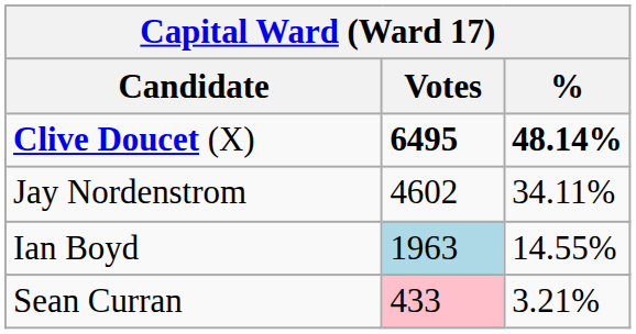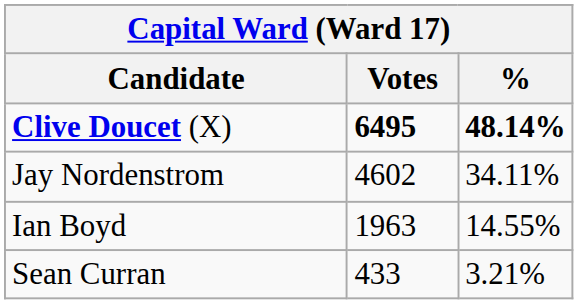 <table class="wikitable">
 <tr>
 <th colspan="3"><a href='#'>Capital Ward</a> (Ward 17)</th>
 </tr>
 <tr>
 <th style="width: 170px">Candidate</th>
 <th style="width: 50px">Votes</th>
 <th style="width: 40px">%</th>
 </tr>
 <tr>
 <td><strong><a href='#'>Clive Doucet</a></strong> (X)</td>
 <td><strong>6495</strong></td>
 <td><strong>48.14%</strong></td>
 </tr>
 <tr>
 <td>Jay Nordenstrom</td>
 <td>4602</td>
 <td>34.11%</td>
 </tr>
 <tr>
 <td>Ian Boyd</td>
-<td style="background: lightblue;">1963</td>
+<td>1963</td>
 <td>14.55%</td>
 </tr>
 <tr>
 <td>Sean Curran</td>
-<td style="background: pink;">433</td>
+<td>433</td>
 <td>3.21%</td>
 </tr>
 </table>
